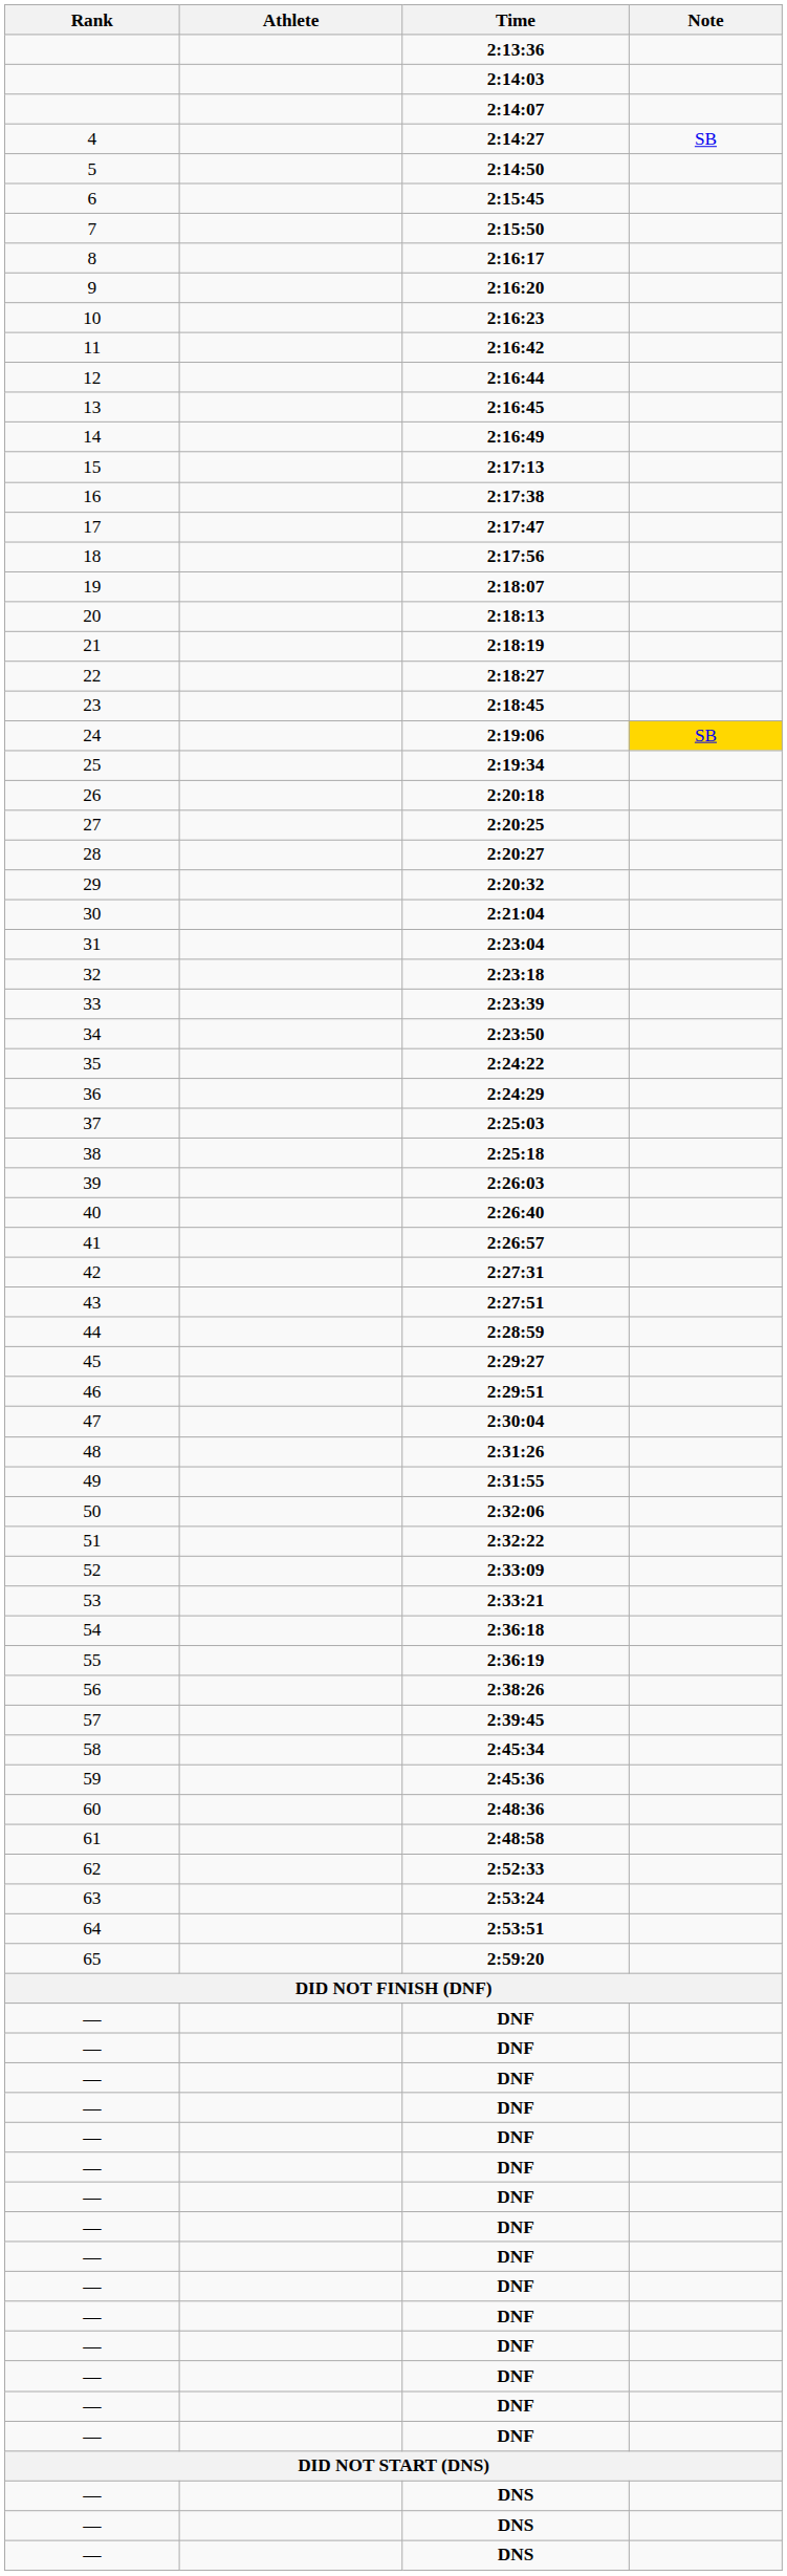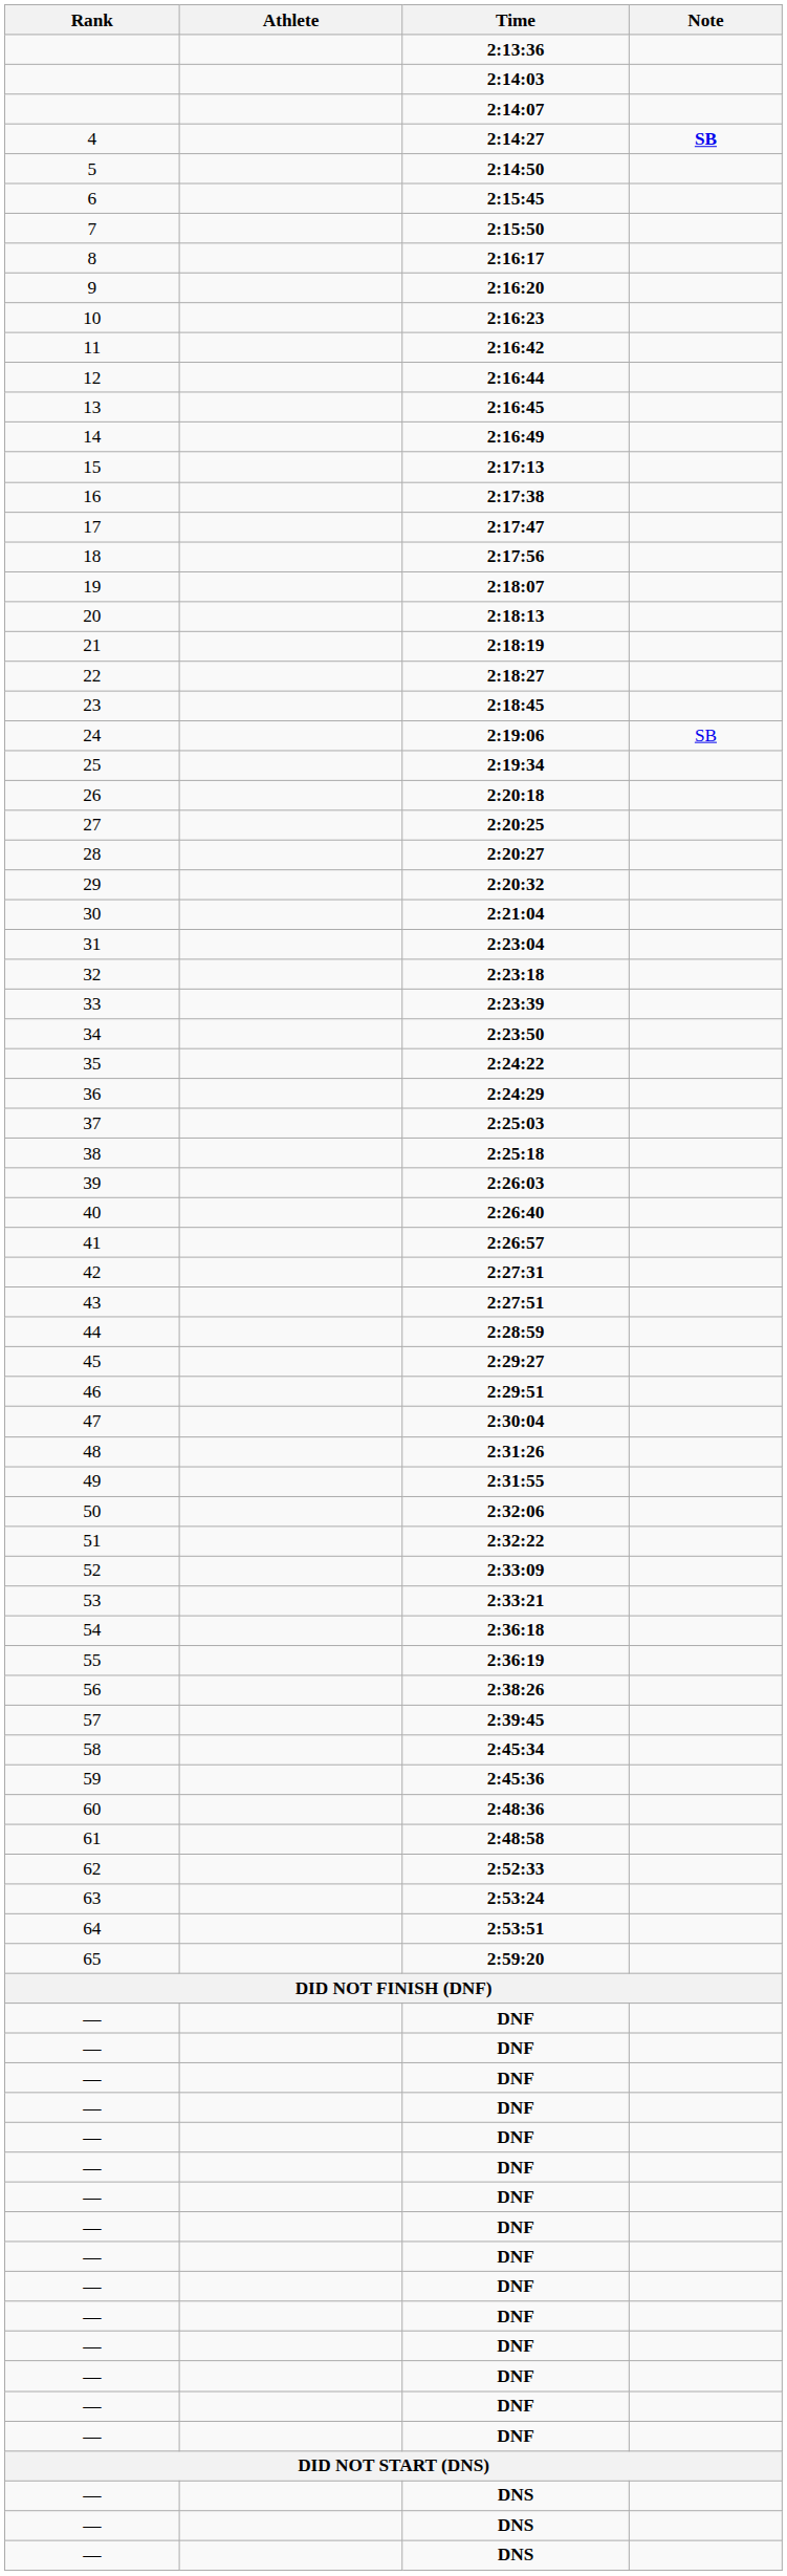 <table class="wikitable" style=" text-align:center; font-size:110%;" width="60%">
 <tr>
 <th>Rank</th>
 <th>Athlete</th>
 <th>Time</th>
 <th>Note</th>
 </tr>
 <tr>
 <td></td>
 <td align=left></td>
 <td><strong>2:13:36</strong></td>
 <td></td>
 </tr>
 <tr>
 <td></td>
 <td align=left></td>
 <td><strong>2:14:03</strong></td>
 <td></td>
 </tr>
 <tr>
 <td></td>
 <td align=left></td>
 <td><strong>2:14:07</strong></td>
 <td></td>
 </tr>
 <tr>
 <td>4</td>
 <td align=left></td>
 <td><strong>2:14:27</strong></td>
-<td><a href='#'>SB</a></td>
+<td><strong><a href='#'>SB</a></strong></td>
 </tr>
 <tr>
 <td>5</td>
 <td align=left></td>
 <td><strong>2:14:50</strong></td>
 <td></td>
 </tr>
 <tr>
 <td>6</td>
 <td align=left></td>
 <td><strong>2:15:45</strong></td>
 <td></td>
 </tr>
 <tr>
 <td>7</td>
 <td align=left></td>
 <td><strong>2:15:50</strong></td>
 <td></td>
 </tr>
 <tr>
 <td>8</td>
 <td align=left></td>
 <td><strong>2:16:17</strong></td>
 <td></td>
 </tr>
 <tr>
 <td>9</td>
 <td align=left></td>
 <td><strong>2:16:20</strong></td>
 <td></td>
 </tr>
 <tr>
 <td>10</td>
 <td align=left></td>
 <td><strong>2:16:23</strong></td>
 <td></td>
 </tr>
 <tr>
 <td>11</td>
 <td align=left></td>
 <td><strong>2:16:42</strong></td>
 <td></td>
 </tr>
 <tr>
 <td>12</td>
 <td align=left></td>
 <td><strong>2:16:44</strong></td>
 <td></td>
 </tr>
 <tr>
 <td>13</td>
 <td align=left></td>
 <td><strong>2:16:45</strong></td>
 <td></td>
 </tr>
 <tr>
 <td>14</td>
 <td align=left></td>
 <td><strong>2:16:49</strong></td>
 <td></td>
 </tr>
 <tr>
 <td>15</td>
 <td align=left></td>
 <td><strong>2:17:13</strong></td>
 <td></td>
 </tr>
 <tr>
 <td>16</td>
 <td align=left></td>
 <td><strong>2:17:38</strong></td>
 <td></td>
 </tr>
 <tr>
 <td>17</td>
 <td align=left></td>
 <td><strong>2:17:47</strong></td>
 <td></td>
 </tr>
 <tr>
 <td>18</td>
 <td align=left></td>
 <td><strong>2:17:56</strong></td>
 <td></td>
 </tr>
 <tr>
 <td>19</td>
 <td align=left></td>
 <td><strong>2:18:07</strong></td>
 <td></td>
 </tr>
 <tr>
 <td>20</td>
 <td align=left></td>
 <td><strong>2:18:13</strong></td>
 <td></td>
 </tr>
 <tr>
 <td>21</td>
 <td align=left></td>
 <td><strong>2:18:19</strong></td>
 <td></td>
 </tr>
 <tr>
 <td>22</td>
 <td align=left></td>
 <td><strong>2:18:27</strong></td>
 <td></td>
 </tr>
 <tr>
 <td>23</td>
 <td align=left></td>
 <td><strong>2:18:45</strong></td>
 <td></td>
 </tr>
 <tr>
 <td>24</td>
 <td align=left></td>
 <td><strong>2:19:06</strong></td>
-<td style="background: gold;"><a href='#'>SB</a></td>
+<td><a href='#'>SB</a></td>
 </tr>
 <tr>
 <td>25</td>
 <td align=left></td>
 <td><strong>2:19:34</strong></td>
 <td></td>
 </tr>
 <tr>
 <td>26</td>
 <td align=left></td>
 <td><strong>2:20:18</strong></td>
 <td></td>
 </tr>
 <tr>
 <td>27</td>
 <td align=left></td>
 <td><strong>2:20:25</strong></td>
 <td></td>
 </tr>
 <tr>
 <td>28</td>
 <td align=left></td>
 <td><strong>2:20:27</strong></td>
 <td></td>
 </tr>
 <tr>
 <td>29</td>
 <td align=left></td>
 <td><strong>2:20:32</strong></td>
 <td></td>
 </tr>
 <tr>
 <td>30</td>
 <td align=left></td>
 <td><strong>2:21:04</strong></td>
 <td></td>
 </tr>
 <tr>
 <td>31</td>
 <td align=left></td>
 <td><strong>2:23:04</strong></td>
 <td></td>
 </tr>
 <tr>
 <td>32</td>
 <td align=left></td>
 <td><strong>2:23:18</strong></td>
 <td></td>
 </tr>
 <tr>
 <td>33</td>
 <td align=left></td>
 <td><strong>2:23:39</strong></td>
 <td></td>
 </tr>
 <tr>
 <td>34</td>
 <td align=left></td>
 <td><strong>2:23:50</strong></td>
 <td></td>
 </tr>
 <tr>
 <td>35</td>
 <td align=left></td>
 <td><strong>2:24:22</strong></td>
 <td></td>
 </tr>
 <tr>
 <td>36</td>
 <td align=left></td>
 <td><strong>2:24:29</strong></td>
 <td></td>
 </tr>
 <tr>
 <td>37</td>
 <td align=left></td>
 <td><strong>2:25:03</strong></td>
 <td></td>
 </tr>
 <tr>
 <td>38</td>
 <td align=left></td>
 <td><strong>2:25:18</strong></td>
 <td></td>
 </tr>
 <tr>
 <td>39</td>
 <td align=left></td>
 <td><strong>2:26:03</strong></td>
 <td></td>
 </tr>
 <tr>
 <td>40</td>
 <td align=left></td>
 <td><strong>2:26:40</strong></td>
 <td></td>
 </tr>
 <tr>
 <td>41</td>
 <td align=left></td>
 <td><strong>2:26:57</strong></td>
 <td></td>
 </tr>
 <tr>
 <td>42</td>
 <td align=left></td>
 <td><strong>2:27:31</strong></td>
 <td></td>
 </tr>
 <tr>
 <td>43</td>
 <td align=left></td>
 <td><strong>2:27:51</strong></td>
 <td></td>
 </tr>
 <tr>
 <td>44</td>
 <td align=left></td>
 <td><strong>2:28:59</strong></td>
 <td></td>
 </tr>
 <tr>
 <td>45</td>
 <td align=left></td>
 <td><strong>2:29:27</strong></td>
 <td></td>
 </tr>
 <tr>
 <td>46</td>
 <td align=left></td>
 <td><strong>2:29:51</strong></td>
 <td></td>
 </tr>
 <tr>
 <td>47</td>
 <td align=left></td>
 <td><strong>2:30:04</strong></td>
 <td></td>
 </tr>
 <tr>
 <td>48</td>
 <td align=left></td>
 <td><strong>2:31:26</strong></td>
 <td></td>
 </tr>
 <tr>
 <td>49</td>
 <td align=left></td>
 <td><strong>2:31:55</strong></td>
 <td></td>
 </tr>
 <tr>
 <td>50</td>
 <td align=left></td>
 <td><strong>2:32:06</strong></td>
 <td></td>
 </tr>
 <tr>
 <td>51</td>
 <td align=left></td>
 <td><strong>2:32:22</strong></td>
 <td></td>
 </tr>
 <tr>
 <td>52</td>
 <td align=left></td>
 <td><strong>2:33:09</strong></td>
 <td></td>
 </tr>
 <tr>
 <td>53</td>
 <td align=left></td>
 <td><strong>2:33:21</strong></td>
 <td></td>
 </tr>
 <tr>
 <td>54</td>
 <td align=left></td>
 <td><strong>2:36:18</strong></td>
 <td></td>
 </tr>
 <tr>
 <td>55</td>
 <td align=left></td>
 <td><strong>2:36:19</strong></td>
 <td></td>
 </tr>
 <tr>
 <td>56</td>
 <td align=left></td>
 <td><strong>2:38:26</strong></td>
 <td></td>
 </tr>
 <tr>
 <td>57</td>
 <td align=left></td>
 <td><strong>2:39:45</strong></td>
 <td></td>
 </tr>
 <tr>
 <td>58</td>
 <td align=left></td>
 <td><strong>2:45:34</strong></td>
 <td></td>
 </tr>
 <tr>
 <td>59</td>
 <td align=left></td>
 <td><strong>2:45:36</strong></td>
 <td></td>
 </tr>
 <tr>
 <td>60</td>
 <td align=left></td>
 <td><strong>2:48:36</strong></td>
 <td></td>
 </tr>
 <tr>
 <td>61</td>
 <td align=left></td>
 <td><strong>2:48:58</strong></td>
 <td></td>
 </tr>
 <tr>
 <td>62</td>
 <td align=left></td>
 <td><strong>2:52:33</strong></td>
 <td></td>
 </tr>
 <tr>
 <td>63</td>
 <td align=left></td>
 <td><strong>2:53:24</strong></td>
 <td></td>
 </tr>
 <tr>
 <td>64</td>
 <td align=left></td>
 <td><strong>2:53:51</strong></td>
 <td></td>
 </tr>
 <tr>
 <td>65</td>
 <td align=left></td>
 <td><strong>2:59:20</strong></td>
 <td></td>
 </tr>
 <tr>
 <th colspan="4">DID NOT FINISH (DNF)</th>
 </tr>
 <tr>
 <td>—</td>
 <td align=left></td>
 <td><strong>DNF</strong></td>
 <td></td>
 </tr>
 <tr>
 <td>—</td>
 <td align=left></td>
 <td><strong>DNF</strong></td>
 <td></td>
 </tr>
 <tr>
 <td>—</td>
 <td align=left></td>
 <td><strong>DNF</strong></td>
 <td></td>
 </tr>
 <tr>
 <td>—</td>
 <td align=left></td>
 <td><strong>DNF</strong></td>
 <td></td>
 </tr>
 <tr>
 <td>—</td>
 <td align=left></td>
 <td><strong>DNF</strong></td>
 <td></td>
 </tr>
 <tr>
 <td>—</td>
 <td align=left></td>
 <td><strong>DNF</strong></td>
 <td></td>
 </tr>
 <tr>
 <td>—</td>
 <td align=left></td>
 <td><strong>DNF</strong></td>
 <td></td>
 </tr>
 <tr>
 <td>—</td>
 <td align=left></td>
 <td><strong>DNF</strong></td>
 <td></td>
 </tr>
 <tr>
 <td>—</td>
 <td align=left></td>
 <td><strong>DNF</strong></td>
 <td></td>
 </tr>
 <tr>
 <td>—</td>
 <td align=left></td>
 <td><strong>DNF</strong></td>
 <td></td>
 </tr>
 <tr>
 <td>—</td>
 <td align=left></td>
 <td><strong>DNF</strong></td>
 <td></td>
 </tr>
 <tr>
 <td>—</td>
 <td align=left></td>
 <td><strong>DNF</strong></td>
 <td></td>
 </tr>
 <tr>
 <td>—</td>
 <td align=left></td>
 <td><strong>DNF</strong></td>
 <td></td>
 </tr>
 <tr>
 <td>—</td>
 <td align=left></td>
 <td><strong>DNF</strong></td>
 <td></td>
 </tr>
 <tr>
 <td>—</td>
 <td align=left></td>
 <td><strong>DNF</strong></td>
 <td></td>
 </tr>
 <tr>
 <th colspan="4">DID NOT START (DNS)</th>
 </tr>
 <tr>
 <td>—</td>
 <td align=left></td>
 <td><strong>DNS</strong></td>
 <td></td>
 </tr>
 <tr>
 <td>—</td>
 <td align=left></td>
 <td><strong>DNS</strong></td>
 <td></td>
 </tr>
 <tr>
 <td>—</td>
 <td align=left></td>
 <td><strong>DNS</strong></td>
 <td></td>
 </tr>
 </table>
